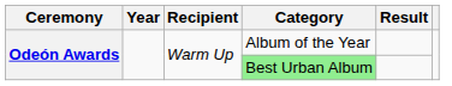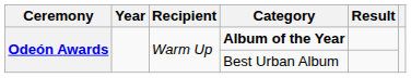 <table class="wikitable plainrowheaders">
 <tr>
 <th scope="col">Ceremony</th>
 <th scope="col">Year</th>
 <th scope="col">Recipient</th>
 <th scope="col">Category</th>
 <th scope="col">Result</th>
 <th scope="col"></th>
 </tr>
 <tr>
 <th scope="row" rowspan="2"><a href='#'>Odeón Awards</a></th>
 <td rowspan="2"></td>
 <td rowspan="2"><em>Warm Up</em></td>
-<td>Album of the Year</td>
+<td><strong>Album of the Year</strong></td>
 <td></td>
 <td rowspan="2"></td>
 </tr>
 <tr>
-<td style="background: lightgreen;">Best Urban Album</td>
+<td>Best Urban Album</td>
 <td></td>
 </tr>
 </table>
